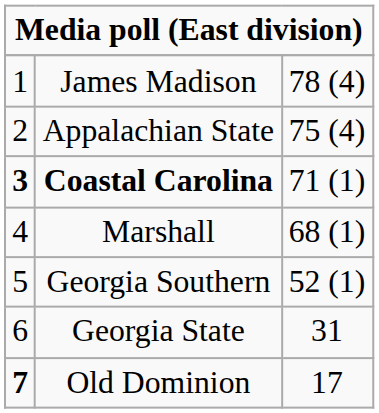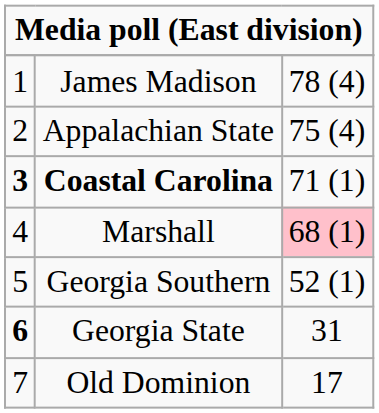 <table class="wikitable" style="display: inline-table;">
 <tr>
 <td align="center" Colspan="3"><strong>Media poll (East division)</strong></td>
 </tr>
 <tr align="center">
 </tr>
 <tr align="center">
 <td>1</td>
 <td>James Madison</td>
 <td>78 (4)</td>
 </tr>
 <tr align="center">
 <td>2</td>
 <td>Appalachian State</td>
 <td>75 (4)</td>
 </tr>
 <tr align="center">
 <td><strong>3</strong></td>
 <td><strong>Coastal Carolina</strong></td>
 <td>71 (1)</td>
 </tr>
 <tr align="center">
 <td>4</td>
 <td>Marshall</td>
-<td>68 (1)</td>
+<td style="background: pink;">68 (1)</td>
 </tr>
 <tr align="center">
 <td>5</td>
 <td>Georgia Southern</td>
 <td>52 (1)</td>
 </tr>
 <tr align="center">
-<td>6</td>
+<td><strong>6</strong></td>
 <td>Georgia State</td>
 <td>31</td>
 </tr>
 <tr align="center">
-<td><strong>7</strong></td>
+<td>7</td>
 <td>Old Dominion</td>
 <td>17</td>
 </tr>
 </table>
